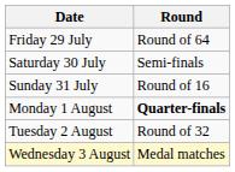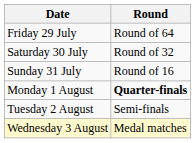 <table class="wikitable">
 <tr>
 <th>Date</th>
 <th>Round</th>
 </tr>
 <tr>
 <td>Friday 29 July</td>
 <td>Round of 64</td>
 </tr>
 <tr>
 <td>Saturday 30 July</td>
-<td>Semi-finals</td>
+<td>Round of 32</td>
 </tr>
 <tr>
 <td>Sunday 31 July</td>
 <td>Round of 16</td>
 </tr>
 <tr>
 <td>Monday 1 August</td>
 <td><strong>Quarter-finals</strong></td>
 </tr>
 <tr>
 <td>Tuesday 2 August</td>
-<td>Round of 32</td>
+<td>Semi-finals</td>
 </tr>
 <tr>
 <td style=background:lemonchiffon>Wednesday 3 August</td>
 <td style=background:lemonchiffon>Medal matches</td>
 </tr>
 </table>
